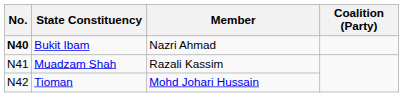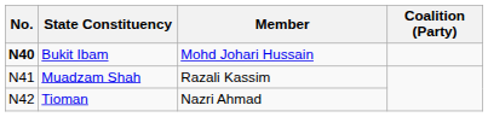 <table class="wikitable">
 <tr>
 <th width="30">No.</th>
 <th width="150">State Constituency</th>
 <th width="230">Member</th>
 <th width="100">Coalition (Party)</th>
 </tr>
 <tr>
 <td><strong>N40</strong></td>
 <td><a href='#'>Bukit Ibam</a></td>
-<td>Nazri Ahmad</td>
+<td><a href='#'>Mohd Johari Hussain</a></td>
 <td></td>
 </tr>
 <tr>
 <td>N41</td>
 <td><a href='#'>Muadzam Shah</a></td>
 <td>Razali Kassim</td>
 <td rowspan=2></td>
 </tr>
 <tr>
 <td>N42</td>
 <td><a href='#'>Tioman</a></td>
-<td><a href='#'>Mohd Johari Hussain</a></td>
+<td>Nazri Ahmad</td>
 </tr>
 </table>
